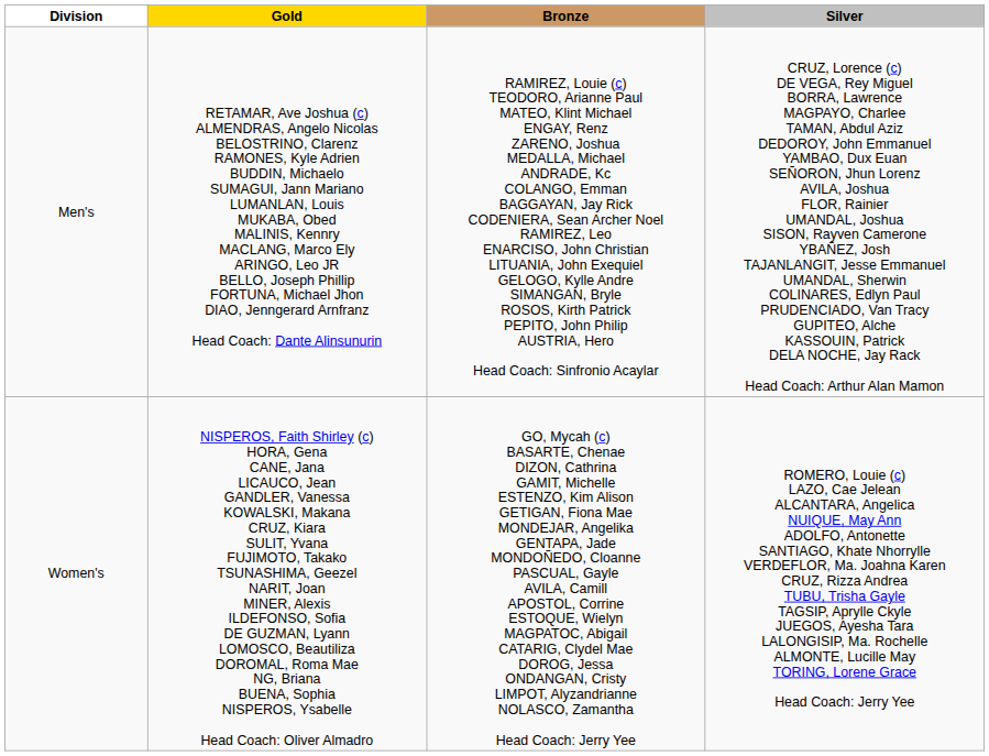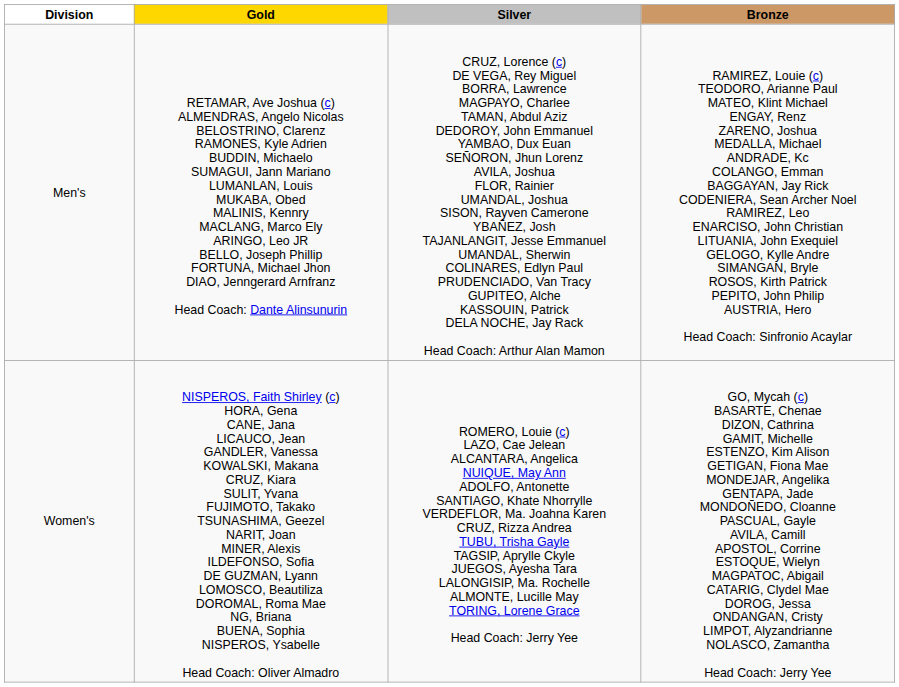 <table class="wikitable" style="text-align:center; font-size:90%">
 <tr>
 <th style="width:10em; background:white">Division</th>
 <th style="width:20em; background:gold">Gold</th>
+<th style="width:20em; background:silver">Silver</th>
 <th style="width:20em; background:#cc9966">Bronze</th>
-<th style="width:20em; background:silver">Silver</th>
 </tr>
 <tr>
 <td>Men's</td>
 <td><strong></strong><br><br>RETAMAR, Ave Joshua (<a href='#'>c</a>)<br> ALMENDRAS, Angelo Nicolas<br> BELOSTRINO, Clarenz<br> RAMONES, Kyle Adrien<br> BUDDIN, Michaelo<br> SUMAGUI, Jann Mariano<br> LUMANLAN, Louis<br> MUKABA, Obed<br> MALINIS, Kennry<br> MACLANG, Marco Ely<br> ARINGO, Leo JR<br> BELLO, Joseph Phillip<br> FORTUNA, Michael Jhon<br> DIAO, Jenngerard Arnfranz<br><br>Head Coach: <a href='#'>Dante Alinsunurin</a></td>
+<td><br><br>CRUZ, Lorence (<a href='#'>c</a>)<br> DE VEGA, Rey Miguel<br> BORRA, Lawrence<br> MAGPAYO, Charlee<br> TAMAN, Abdul Aziz<br> DEDOROY, John Emmanuel<br> YAMBAO, Dux Euan<br> SEÑORON, Jhun Lorenz<br> AVILA, Joshua<br> FLOR, Rainier<br> UMANDAL, Joshua<br> SISON, Rayven Camerone<br> YBAÑEZ, Josh<br> TAJANLANGIT, Jesse Emmanuel<br> UMANDAL, Sherwin<br> COLINARES, Edlyn Paul<br> PRUDENCIADO, Van Tracy<br> GUPITEO, Alche<br> KASSOUIN, Patrick<br> DELA NOCHE, Jay Rack<br><br>Head Coach: Arthur Alan Mamon</td>
 <td><br><br>RAMIREZ, Louie (<a href='#'>c</a>)<br> TEODORO, Arianne Paul<br> MATEO, Klint Michael<br> ENGAY, Renz<br> ZARENO, Joshua<br> MEDALLA, Michael<br> ANDRADE, Kc<br> COLANGO, Emman<br> BAGGAYAN, Jay Rick<br> CODENIERA, Sean Archer Noel<br> RAMIREZ, Leo<br> ENARCISO, John Christian<br> LITUANIA, John Exequiel<br> GELOGO, Kylle Andre<br> SIMANGAN, Bryle<br> ROSOS, Kirth Patrick<br> PEPITO, John Philip<br> AUSTRIA, Hero<br><br>Head Coach: Sinfronio Acaylar</td>
-<td><br><br>CRUZ, Lorence (<a href='#'>c</a>)<br> DE VEGA, Rey Miguel<br> BORRA, Lawrence<br> MAGPAYO, Charlee<br> TAMAN, Abdul Aziz<br> DEDOROY, John Emmanuel<br> YAMBAO, Dux Euan<br> SEÑORON, Jhun Lorenz<br> AVILA, Joshua<br> FLOR, Rainier<br> UMANDAL, Joshua<br> SISON, Rayven Camerone<br> YBAÑEZ, Josh<br> TAJANLANGIT, Jesse Emmanuel<br> UMANDAL, Sherwin<br> COLINARES, Edlyn Paul<br> PRUDENCIADO, Van Tracy<br> GUPITEO, Alche<br> KASSOUIN, Patrick<br> DELA NOCHE, Jay Rack<br><br>Head Coach: Arthur Alan Mamon</td>
 </tr>
 <tr>
 <td>Women's</td>
 <td><strong></strong><br><br><a href='#'>NISPEROS, Faith Shirley</a> (<a href='#'>c</a>)<br> HORA, Gena<br> CANE, Jana<br> LICAUCO, Jean<br> GANDLER, Vanessa<br> KOWALSKI, Makana<br> CRUZ, Kiara<br> SULIT, Yvana<br> FUJIMOTO, Takako<br> TSUNASHIMA, Geezel<br> NARIT, Joan<br> MINER, Alexis<br> ILDEFONSO, Sofia<br> DE GUZMAN, Lyann<br> LOMOSCO, Beautiliza<br> DOROMAL, Roma Mae<br> NG, Briana<br> BUENA, Sophia<br> NISPEROS, Ysabelle<br><br>Head Coach: Oliver Almadro</td>
+<td><br><br>ROMERO, Louie (<a href='#'>c</a>)<br> LAZO, Cae Jelean<br> ALCANTARA, Angelica<br> <a href='#'>NUIQUE, May Ann</a><br> ADOLFO, Antonette<br> SANTIAGO, Khate Nhorrylle<br> VERDEFLOR, Ma. Joahna Karen<br> CRUZ, Rizza Andrea<br> <a href='#'>TUBU, Trisha Gayle</a><br> TAGSIP, Aprylle Ckyle<br> JUEGOS, Ayesha Tara<br> LALONGISIP, Ma. Rochelle<br> ALMONTE, Lucille May<br> <a href='#'>TORING, Lorene Grace</a><br><br>Head Coach: Jerry Yee</td>
 <td><br><br>GO, Mycah (<a href='#'>c</a>)<br> BASARTE, Chenae<br> DIZON, Cathrina<br> GAMIT, Michelle<br> ESTENZO, Kim Alison<br> GETIGAN, Fiona Mae<br> MONDEJAR, Angelika<br> GENTAPA, Jade<br> MONDOÑEDO, Cloanne<br> PASCUAL, Gayle<br> AVILA, Camill<br> APOSTOL, Corrine<br> ESTOQUE, Wielyn<br> MAGPATOC, Abigail<br> CATARIG, Clydel Mae<br> DOROG, Jessa<br> ONDANGAN, Cristy<br> LIMPOT, Alyzandrianne<br> NOLASCO, Zamantha<br><br>Head Coach: Jerry Yee</td>
-<td><br><br>ROMERO, Louie (<a href='#'>c</a>)<br> LAZO, Cae Jelean<br> ALCANTARA, Angelica<br> <a href='#'>NUIQUE, May Ann</a><br> ADOLFO, Antonette<br> SANTIAGO, Khate Nhorrylle<br> VERDEFLOR, Ma. Joahna Karen<br> CRUZ, Rizza Andrea<br> <a href='#'>TUBU, Trisha Gayle</a><br> TAGSIP, Aprylle Ckyle<br> JUEGOS, Ayesha Tara<br> LALONGISIP, Ma. Rochelle<br> ALMONTE, Lucille May<br> <a href='#'>TORING, Lorene Grace</a><br><br>Head Coach: Jerry Yee</td>
 </tr>
 </table>
